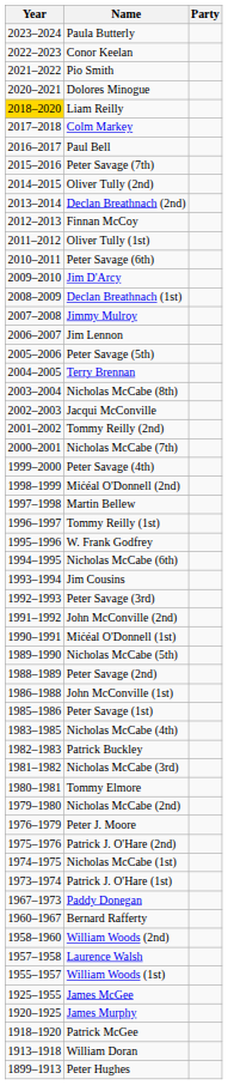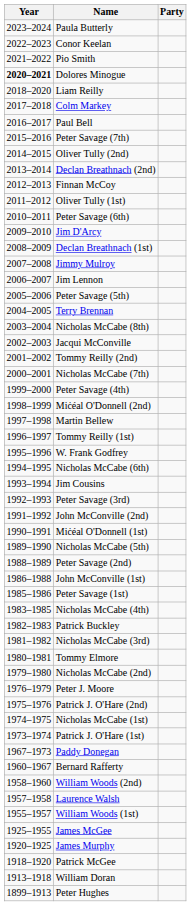 <table class="wikitable mw-collapsible mw-collapsed">
 <tr>
 <th>Year</th>
 <th>Name</th>
 <th colspan=2>Party</th>
 </tr>
 <tr>
 <td>2023–2024</td>
 <td>Paula Butterly</td>
 <td></td>
 </tr>
 <tr>
 <td>2022–2023</td>
 <td>Conor Keelan</td>
 <td></td>
 </tr>
 <tr>
 <td>2021–2022</td>
 <td>Pio Smith</td>
 <td></td>
 </tr>
 <tr>
-<td>2020–2021</td>
+<td><strong>2020–2021</strong></td>
 <td>Dolores Minogue</td>
 <td></td>
 </tr>
 <tr>
-<td style="background: gold;">2018–2020</td>
+<td>2018–2020</td>
 <td>Liam Reilly</td>
 <td></td>
 </tr>
 <tr>
 <td>2017–2018</td>
 <td><a href='#'>Colm Markey</a></td>
 <td></td>
 </tr>
 <tr>
 <td>2016–2017</td>
 <td>Paul Bell</td>
 <td></td>
 </tr>
 <tr>
 <td>2015–2016</td>
 <td>Peter Savage (7th)</td>
 <td></td>
 </tr>
 <tr>
 <td>2014–2015</td>
 <td>Oliver Tully (2nd)</td>
 <td></td>
 </tr>
 <tr>
 <td>2013–2014</td>
 <td><a href='#'>Declan Breathnach</a> (2nd)</td>
 <td></td>
 </tr>
 <tr>
 <td>2012–2013</td>
 <td>Finnan McCoy</td>
 <td></td>
 </tr>
 <tr>
 <td>2011–2012</td>
 <td>Oliver Tully (1st)</td>
 <td></td>
 </tr>
 <tr>
 <td>2010–2011</td>
 <td>Peter Savage (6th)</td>
 <td></td>
 </tr>
 <tr>
 <td>2009–2010</td>
 <td><a href='#'>Jim D'Arcy</a></td>
 <td></td>
 </tr>
 <tr>
 <td>2008–2009</td>
 <td><a href='#'>Declan Breathnach</a> (1st)</td>
 <td></td>
 </tr>
 <tr>
 <td>2007–2008</td>
 <td><a href='#'>Jimmy Mulroy</a></td>
 <td></td>
 </tr>
 <tr>
 <td>2006–2007</td>
 <td>Jim Lennon</td>
 <td></td>
 </tr>
 <tr>
 <td>2005–2006</td>
 <td>Peter Savage (5th)</td>
 <td></td>
 </tr>
 <tr>
 <td>2004–2005</td>
 <td><a href='#'>Terry Brennan</a></td>
 <td></td>
 </tr>
 <tr>
 <td>2003–2004</td>
 <td>Nicholas McCabe (8th)</td>
 <td></td>
 </tr>
 <tr>
 <td>2002–2003</td>
 <td>Jacqui McConville</td>
 <td></td>
 </tr>
 <tr>
 <td>2001–2002</td>
 <td>Tommy Reilly (2nd)</td>
 <td></td>
 </tr>
 <tr>
 <td>2000–2001</td>
 <td>Nicholas McCabe (7th)</td>
 <td></td>
 </tr>
 <tr>
 <td>1999–2000</td>
 <td>Peter Savage (4th)</td>
 <td></td>
 </tr>
 <tr>
 <td>1998–1999</td>
 <td>Miċéal O'Donnell (2nd)</td>
 <td></td>
 </tr>
 <tr>
 <td>1997–1998</td>
 <td>Martin Bellew</td>
 <td></td>
 </tr>
 <tr>
 <td>1996–1997</td>
 <td>Tommy Reilly (1st)</td>
 <td></td>
 </tr>
 <tr>
 <td>1995–1996</td>
 <td>W. Frank Godfrey</td>
 <td></td>
 </tr>
 <tr>
 <td>1994–1995</td>
 <td>Nicholas McCabe (6th)</td>
 <td></td>
 </tr>
 <tr>
 <td>1993–1994</td>
 <td>Jim Cousins</td>
 <td></td>
 </tr>
 <tr>
 <td>1992–1993</td>
 <td>Peter Savage (3rd)</td>
 <td></td>
 </tr>
 <tr>
 <td>1991–1992</td>
 <td>John McConville (2nd)</td>
 <td></td>
 </tr>
 <tr>
 <td>1990–1991</td>
 <td>Miċéal O'Donnell (1st)</td>
 <td></td>
 </tr>
 <tr>
 <td>1989–1990</td>
 <td>Nicholas McCabe (5th)</td>
 <td></td>
 </tr>
 <tr>
 <td>1988–1989</td>
 <td>Peter Savage (2nd)</td>
 <td></td>
 </tr>
 <tr>
 <td>1986–1988</td>
 <td>John McConville (1st)</td>
 <td></td>
 </tr>
 <tr>
 <td>1985–1986</td>
 <td>Peter Savage (1st)</td>
 <td></td>
 </tr>
 <tr>
 <td>1983–1985</td>
 <td>Nicholas McCabe (4th)</td>
 <td></td>
 </tr>
 <tr>
 <td>1982–1983</td>
 <td>Patrick Buckley</td>
 <td></td>
 </tr>
 <tr>
 <td>1981–1982</td>
 <td>Nicholas McCabe (3rd)</td>
 <td></td>
 </tr>
 <tr>
 <td>1980–1981</td>
 <td>Tommy Elmore</td>
 <td></td>
 </tr>
 <tr>
 <td>1979–1980</td>
 <td>Nicholas McCabe (2nd)</td>
 <td></td>
 </tr>
 <tr>
 <td>1976–1979</td>
 <td>Peter J. Moore</td>
 <td></td>
 </tr>
 <tr>
 <td>1975–1976</td>
 <td>Patrick J. O'Hare (2nd)</td>
 <td></td>
 </tr>
 <tr>
 <td>1974–1975</td>
 <td>Nicholas McCabe (1st)</td>
 <td></td>
 </tr>
 <tr>
 <td>1973–1974</td>
 <td>Patrick J. O'Hare (1st)</td>
 <td></td>
 </tr>
 <tr>
 <td>1967–1973</td>
 <td><a href='#'>Paddy Donegan</a></td>
 <td></td>
 </tr>
 <tr>
 <td>1960–1967</td>
 <td>Bernard Rafferty</td>
 <td></td>
 </tr>
 <tr>
 <td>1958–1960</td>
 <td><a href='#'>William Woods</a> (2nd)</td>
 <td></td>
 </tr>
 <tr>
 <td>1957–1958</td>
 <td><a href='#'>Laurence Walsh</a></td>
 <td></td>
 </tr>
 <tr>
 <td>1955–1957</td>
 <td><a href='#'>William Woods</a> (1st)</td>
 <td></td>
 </tr>
 <tr>
 <td>1925–1955</td>
 <td><a href='#'>James McGee</a></td>
 <td></td>
 </tr>
 <tr>
 <td>1920–1925</td>
 <td><a href='#'>James Murphy</a></td>
 <td></td>
 </tr>
 <tr>
 <td>1918–1920</td>
 <td>Patrick McGee</td>
 <td></td>
 </tr>
 <tr>
 <td>1913–1918</td>
 <td>William Doran</td>
 <td></td>
 </tr>
 <tr>
 <td>1899–1913</td>
 <td>Peter Hughes</td>
 <td></td>
 </tr>
 </table>
